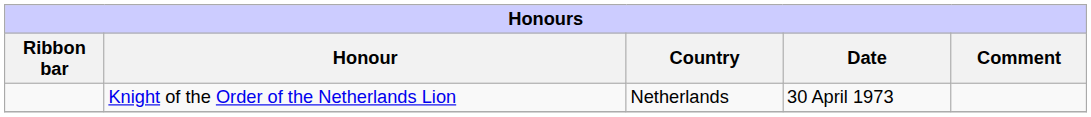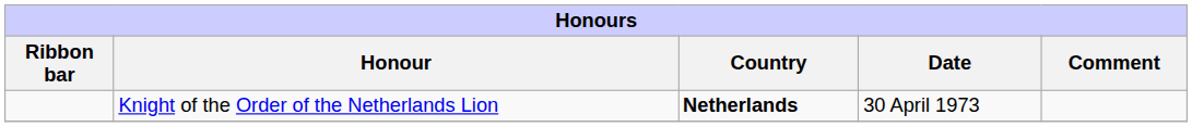 <table class="wikitable" style="width:60%;">
 <tr style="background:#ccf; text-align:center;">
 <td colspan=5><strong>Honours</strong></td>
 </tr>
 <tr>
 <th style="width:80px;">Ribbon bar</th>
 <th>Honour</th>
 <th>Country</th>
 <th>Date</th>
 <th>Comment</th>
 </tr>
 <tr>
 <td></td>
 <td><a href='#'>Knight</a> of the <a href='#'>Order of the Netherlands Lion</a></td>
-<td>Netherlands</td>
+<td><strong>Netherlands</strong></td>
 <td>30 April 1973</td>
 <td></td>
 </tr>
 <tr>
 </tr>
 </table>
